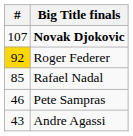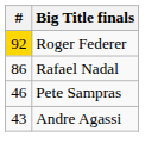 <table class="wikitable" style="display: inline-table;">
 <tr>
 <th width=20>#</th>
 <th>Big Title finals</th>
 </tr>
 <tr>
-<td align=center>107</td>
-<td> <strong>Novak Djokovic</strong></td>
-</tr>
-<tr>
 <td align=center style="background: gold;">92</td>
 <td> Roger Federer</td>
 </tr>
 <tr>
-<td align=center>85</td>
+<td align=center>86</td>
 <td> Rafael Nadal</td>
 </tr>
 <tr>
 <td align=center>46</td>
 <td> Pete Sampras</td>
 </tr>
 <tr>
 <td align=center>43</td>
 <td> Andre Agassi</td>
 </tr>
 </table>
